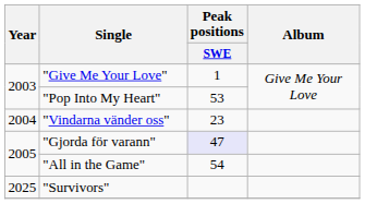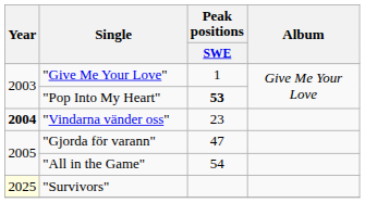 <table class="wikitable">
 <tr>
 <th align="center" rowspan="2" width="10">Year</th>
 <th align="center" rowspan="2" width="160">Single</th>
 <th align="center" colspan="1" width="20">Peak positions</th>
 <th align="center" rowspan="2" width="120">Album</th>
 </tr>
 <tr>
 <th scope="col" style="width:3em;font-size:90%;"><a href='#'>SWE</a><br></th>
 </tr>
 <tr>
 <td style="text-align:center;" rowspan=2>2003</td>
 <td>"<a href='#'>Give Me Your Love</a>"</td>
 <td style="text-align:center;">1</td>
 <td style="text-align:center;" rowspan=2><em>Give Me Your Love</em></td>
 </tr>
 <tr>
 <td>"Pop Into My Heart"</td>
-<td style="text-align:center;">53</td>
+<td style="text-align:center;"><strong>53</strong></td>
 </tr>
 <tr>
-<td style="text-align:center;">2004</td>
+<td style="text-align:center;"><strong>2004</strong></td>
 <td>"<a href='#'>Vindarna vänder oss</a>"</td>
 <td style="text-align:center;">23</td>
 <td style="text-align:center;"></td>
 </tr>
 <tr>
 <td style="text-align:center;" rowspan=2>2005</td>
 <td>"Gjorda för varann"</td>
-<td style="background: lavender; text-align:center;">47</td>
+<td style="text-align:center;">47</td>
 <td style="text-align:center;"></td>
 </tr>
 <tr>
 <td>"All in the Game"</td>
 <td style="text-align:center;">54</td>
 <td style="text-align:center;"></td>
 </tr>
 <tr>
-<td>2025</td>
+<td style="background: lightyellow;">2025</td>
 <td>"Survivors"</td>
 <td style="text-align:center;"></td>
 <td style="text-align:center;"></td>
 </tr>
 <tr>
 </tr>
 </table>
